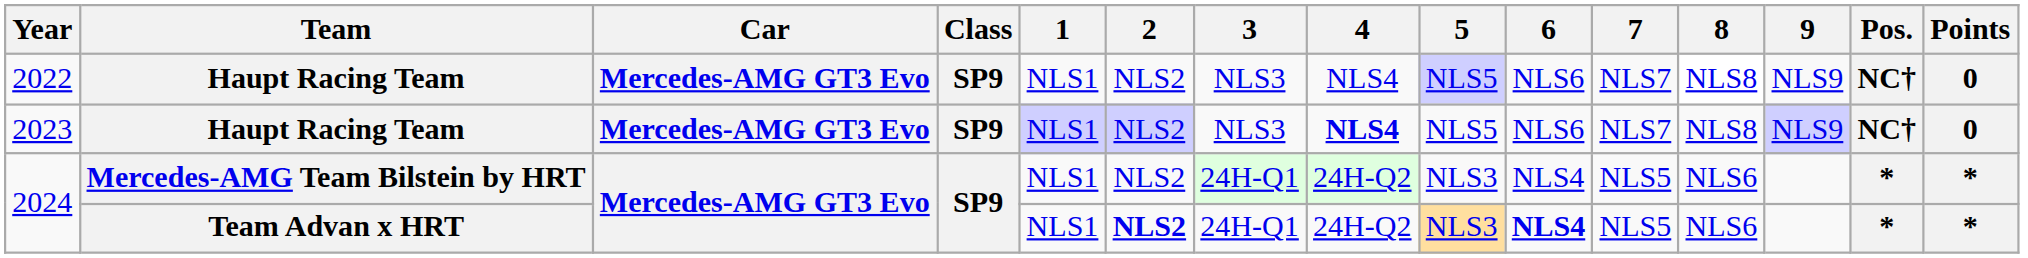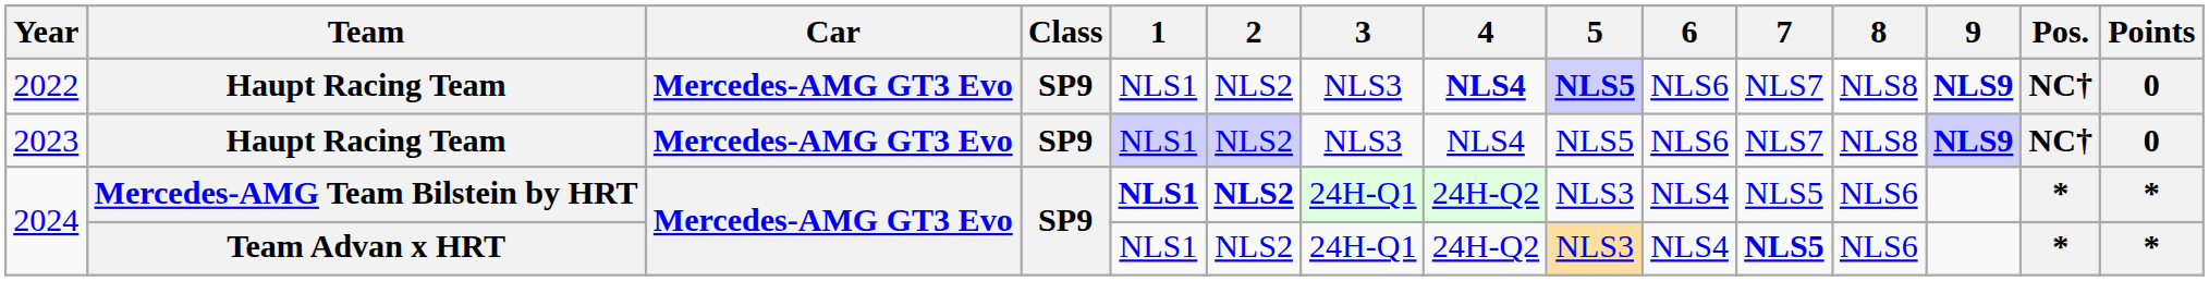 <table class="wikitable" border="1" style="text-align:center; font-size:85%;">
 <tr>
 <th>Year</th>
 <th>Team</th>
 <th>Car</th>
 <th>Class</th>
 <th>1</th>
 <th>2</th>
 <th>3</th>
 <th>4</th>
 <th>5</th>
 <th>6</th>
 <th>7</th>
 <th>8</th>
 <th>9</th>
 <th>Pos.</th>
 <th>Points</th>
 </tr>
 <tr>
 <td><a href='#'>2022</a></td>
 <th>Haupt Racing Team</th>
 <th><a href='#'>Mercedes-AMG GT3 Evo</a></th>
 <th>SP9</th>
 <td style="background:#;"><a href='#'>NLS1</a></td>
 <td style="background:#;"><a href='#'>NLS2</a></td>
 <td style="background:#;"><a href='#'>NLS3</a></td>
-<td style="background:#;"><a href='#'>NLS4</a></td>
-<td style="background:#CFCFFF;"><a href='#'>NLS5</a><br></td>
+<td style="background:#;"><strong><a href='#'>NLS4</a></strong></td>
+<td style="background:#CFCFFF;"><strong><a href='#'>NLS5</a><br></strong></td>
 <td style="background:#;"><a href='#'>NLS6</a></td>
 <td style="background:#;"><a href='#'>NLS7</a></td>
 <td style="background:#FFFFFF;"><a href='#'>NLS8</a><br></td>
-<td style="background:#;"><a href='#'>NLS9</a></td>
+<td style="background:#;"><strong><a href='#'>NLS9</a></strong></td>
 <th>NC†</th>
 <th>0</th>
 </tr>
 <tr>
 <td><a href='#'>2023</a></td>
 <th>Haupt Racing Team</th>
 <th><a href='#'>Mercedes-AMG GT3 Evo</a></th>
 <th>SP9</th>
 <td style="background:#CFCFFF;"><a href='#'>NLS1</a><br></td>
 <td style="background:#CFCFFF;"><a href='#'>NLS2</a><br></td>
 <td style="background:#;"><a href='#'>NLS3</a></td>
-<td style="background:#;"><strong><a href='#'>NLS4</a></strong></td>
+<td style="background:#;"><a href='#'>NLS4</a></td>
 <td style="background:#;"><a href='#'>NLS5</a></td>
 <td style="background:#;"><a href='#'>NLS6</a></td>
 <td style="background:#;"><a href='#'>NLS7</a></td>
 <td style="background:#;"><a href='#'>NLS8</a></td>
-<td style="background:#CFCFFF;"><a href='#'>NLS9</a><br></td>
+<td style="background:#CFCFFF;"><strong><a href='#'>NLS9</a><br></strong></td>
 <th>NC†</th>
 <th>0</th>
 </tr>
 <tr>
 <td rowspan="2"><a href='#'>2024</a></td>
 <th><a href='#'>Mercedes-AMG</a> Team Bilstein by HRT</th>
 <th rowspan="2"><a href='#'>Mercedes-AMG GT3 Evo</a></th>
 <th rowspan="2">SP9</th>
-<td style="background:#;"><a href='#'>NLS1</a></td>
-<td style="background:#;"><a href='#'>NLS2</a></td>
+<td style="background:#;"><strong><a href='#'>NLS1</a></strong></td>
+<td style="background:#;"><strong><a href='#'>NLS2</a></strong></td>
 <td style="background:#DFFFDF;"><a href='#'>24H-Q1</a><br></td>
 <td style="background:#DFFFDF;"><a href='#'>24H-Q2</a><br></td>
 <td style="background:#;"><a href='#'>NLS3</a></td>
 <td style="background:#;"><a href='#'>NLS4</a></td>
 <td style="background:#;"><a href='#'>NLS5</a></td>
 <td style="background:#;"><a href='#'>NLS6</a></td>
 <td></td>
 <th>*</th>
 <th>*</th>
 </tr>
 <tr>
 <th>Team Advan x HRT</th>
 <td style="background:#;"><a href='#'>NLS1</a></td>
-<td style="background:#;"><strong><a href='#'>NLS2</a></strong></td>
+<td style="background:#;"><a href='#'>NLS2</a></td>
 <td style="background:#;"><a href='#'>24H-Q1</a></td>
 <td style="background:#;"><a href='#'>24H-Q2</a></td>
 <td style="background:#FFDF9F;"><a href='#'>NLS3</a><br></td>
-<td style="background:#;"><strong><a href='#'>NLS4</a></strong></td>
-<td style="background:#;"><a href='#'>NLS5</a></td>
+<td style="background:#;"><a href='#'>NLS4</a></td>
+<td style="background:#;"><strong><a href='#'>NLS5</a></strong></td>
 <td style="background:#;"><a href='#'>NLS6</a></td>
 <td></td>
 <th>*</th>
 <th>*</th>
 </tr>
 </table>
